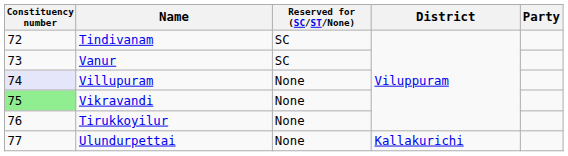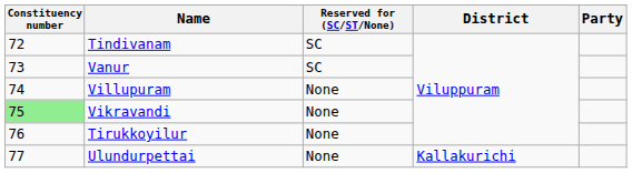 <table class="wikitable">
 <tr>
 <th width="50px" style="font-size:75%">Constituency number</th>
 <th width="200px">Name</th>
 <th width="100px" style="font-size:75%">Reserved for (<a href='#'>SC</a>/<a href='#'>ST</a>/None)</th>
 <th width="150px">District</th>
 <th colspan=2>Party</th>
 </tr>
 <tr>
 <td>72</td>
 <td><a href='#'>Tindivanam</a></td>
 <td>SC</td>
 <td rowspan="5"><a href='#'>Viluppuram</a></td>
 <td></td>
 </tr>
 <tr>
 <td>73</td>
 <td><a href='#'>Vanur</a></td>
 <td>SC</td>
 <td></td>
 </tr>
 <tr>
-<td style="background: lavender;">74</td>
+<td>74</td>
 <td><a href='#'>Villupuram</a></td>
 <td>None</td>
 <td></td>
 </tr>
 <tr>
 <td style="background: lightgreen;">75</td>
 <td><a href='#'>Vikravandi</a></td>
 <td>None</td>
 <td></td>
 </tr>
 <tr>
 <td>76</td>
 <td><a href='#'>Tirukkoyilur</a></td>
 <td>None</td>
 <td></td>
 </tr>
 <tr>
 <td>77</td>
 <td><a href='#'>Ulundurpettai</a></td>
 <td>None</td>
 <td><a href='#'>Kallakurichi</a></td>
 <td></td>
 </tr>
 </table>
